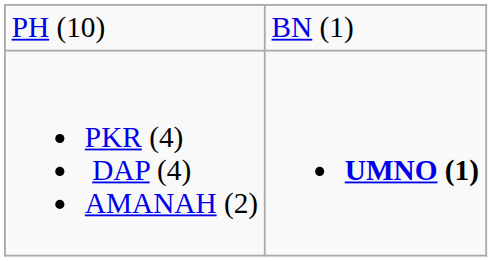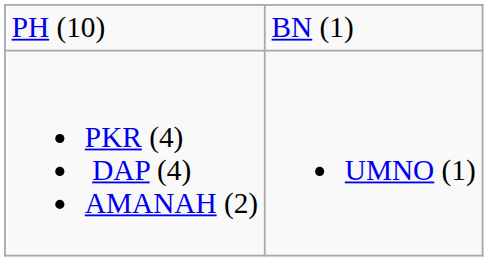 <table class="wikitable mw-collapsible mw-collapsed">
 <tr>
 <td> <a href='#'>PH</a> (10)</td>
 <td> <a href='#'>BN</a> (1)</td>
 </tr>
 <tr>
 <td><br><ul><li> <a href='#'>PKR</a> (4)</li><li> <a href='#'>DAP</a> (4)</li><li> <a href='#'>AMANAH</a> (2)</li></ul></td>
-<td><strong><br><ul><li> <a href='#'>UMNO</a> (1)</li></ul></strong></td>
+<td><br><ul><li> <a href='#'>UMNO</a> (1)</li></ul></td>
 </tr>
 </table>
